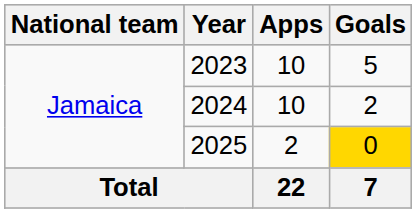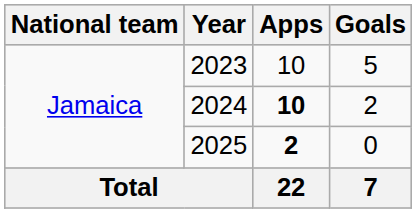 <table class="wikitable" style="text-align:center">
 <tr>
 <th>National team</th>
 <th>Year</th>
 <th>Apps</th>
 <th>Goals</th>
 </tr>
 <tr>
 <td rowspan="3"><a href='#'>Jamaica</a></td>
 <td>2023</td>
 <td>10</td>
 <td>5</td>
 </tr>
 <tr>
 <td>2024</td>
-<td>10</td>
+<td><strong>10</strong></td>
 <td>2</td>
 </tr>
 <tr>
 <td>2025</td>
-<td>2</td>
-<td style="background: gold;">0</td>
+<td><strong>2</strong></td>
+<td>0</td>
 </tr>
 <tr>
 <th colspan="2">Total</th>
 <th>22</th>
 <th>7</th>
 </tr>
 </table>
